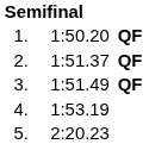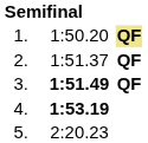 <table style="text-align:center">
 <tr>
 <td colspan=4 align=left><strong>Semifinal</strong></td>
 </tr>
 <tr>
 <td width=30>1.</td>
 <td align=left></td>
 <td width=60>1:50.20</td>
-<td><strong>QF</strong></td>
+<td style="background: khaki;"><strong>QF</strong></td>
 </tr>
 <tr>
 <td>2.</td>
 <td align=left></td>
 <td>1:51.37</td>
 <td><strong>QF</strong></td>
 </tr>
 <tr>
 <td>3.</td>
 <td align=left></td>
-<td>1:51.49</td>
+<td><strong>1:51.49</strong></td>
 <td><strong>QF</strong></td>
 </tr>
 <tr>
 <td>4.</td>
 <td align=left></td>
-<td>1:53.19</td>
+<td><strong>1:53.19</strong></td>
 <td></td>
 </tr>
 <tr>
 <td>5.</td>
 <td align=left></td>
 <td>2:20.23</td>
 <td></td>
 </tr>
 </table>
